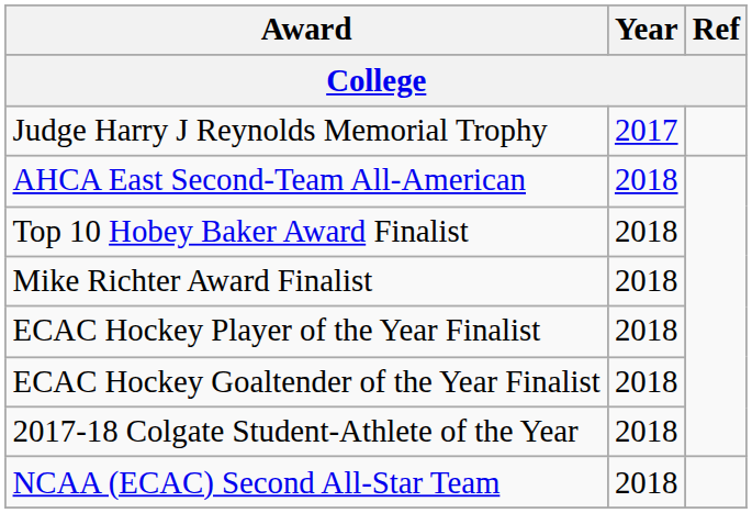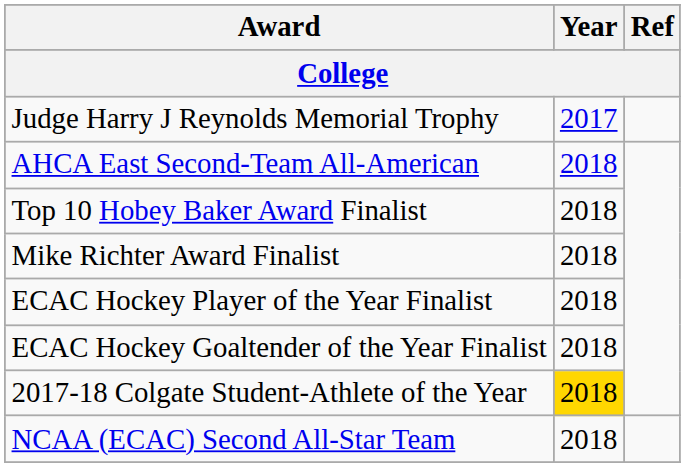 <table class="wikitable">
 <tr>
 <th>Award</th>
 <th>Year</th>
 <th>Ref</th>
 </tr>
 <tr>
 <th colspan="3"><a href='#'>College</a></th>
 </tr>
 <tr>
 <td>Judge Harry J Reynolds Memorial Trophy</td>
 <td><a href='#'>2017</a></td>
 <td></td>
 </tr>
 <tr>
 <td><a href='#'>AHCA East Second-Team All-American</a></td>
 <td><a href='#'>2018</a></td>
 <td rowspan="6"></td>
 </tr>
 <tr>
 <td>Top 10 <a href='#'>Hobey Baker Award</a> Finalist</td>
 <td>2018</td>
 </tr>
 <tr>
 <td>Mike Richter Award Finalist</td>
 <td>2018</td>
 </tr>
 <tr>
 <td>ECAC Hockey Player of the Year Finalist</td>
 <td>2018</td>
 </tr>
 <tr>
 <td>ECAC Hockey Goaltender of the Year Finalist</td>
 <td>2018</td>
 </tr>
 <tr>
 <td>2017-18 Colgate Student-Athlete of the Year</td>
-<td>2018</td>
+<td style="background: gold;">2018</td>
 </tr>
 <tr>
 <td><a href='#'>NCAA (ECAC) Second All-Star Team</a></td>
 <td>2018</td>
 <td></td>
 </tr>
 </table>
